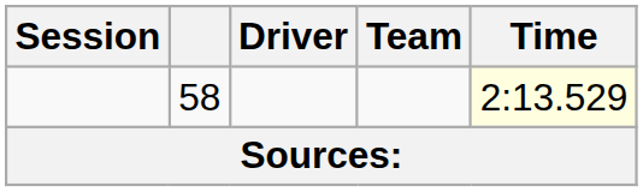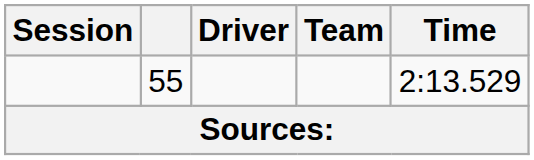 <table class="wikitable" style="font-size: 90%">
 <tr>
 <th>Session</th>
 <th></th>
 <th>Driver</th>
 <th>Team</th>
 <th>Time</th>
 </tr>
 <tr>
 <td></td>
-<td align=center>58</td>
+<td align=center>55</td>
 <td></td>
 <td></td>
-<td style="background: lightyellow;">2:13.529</td>
+<td>2:13.529</td>
 </tr>
 <tr>
 <th colspan="5">Sources:<span></span></th>
 </tr>
 </table>
